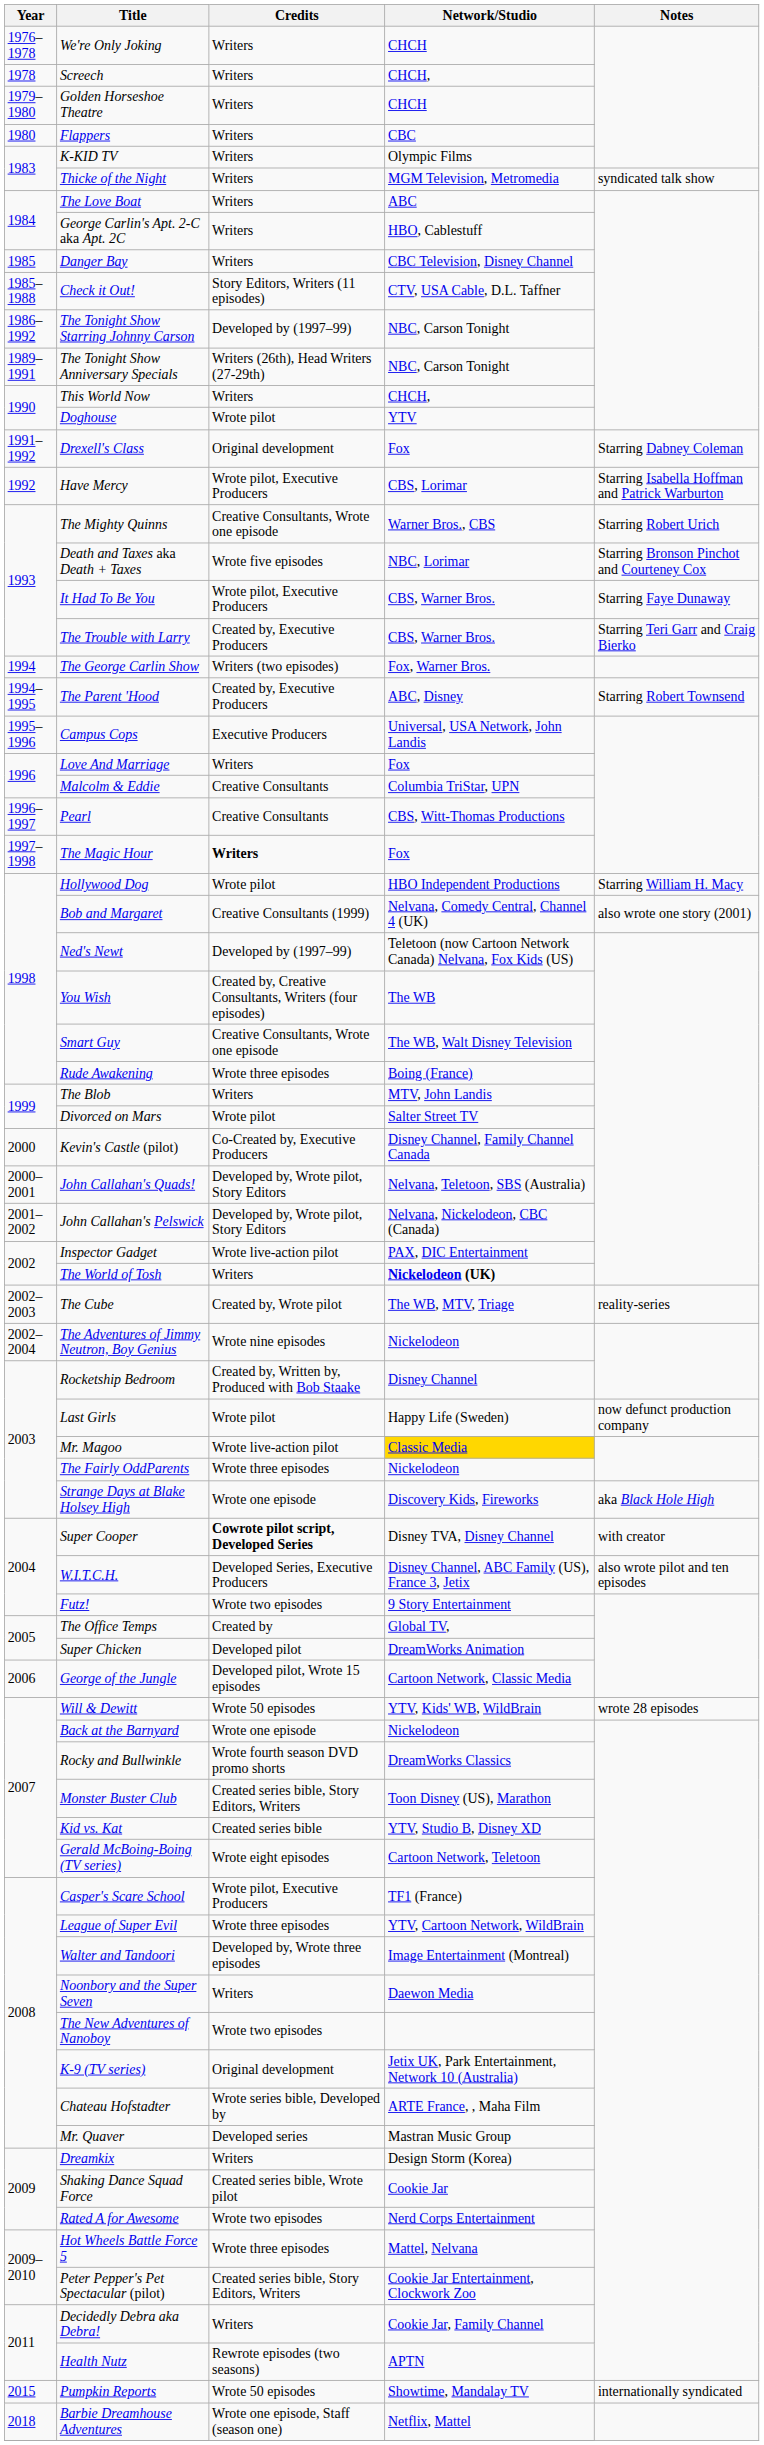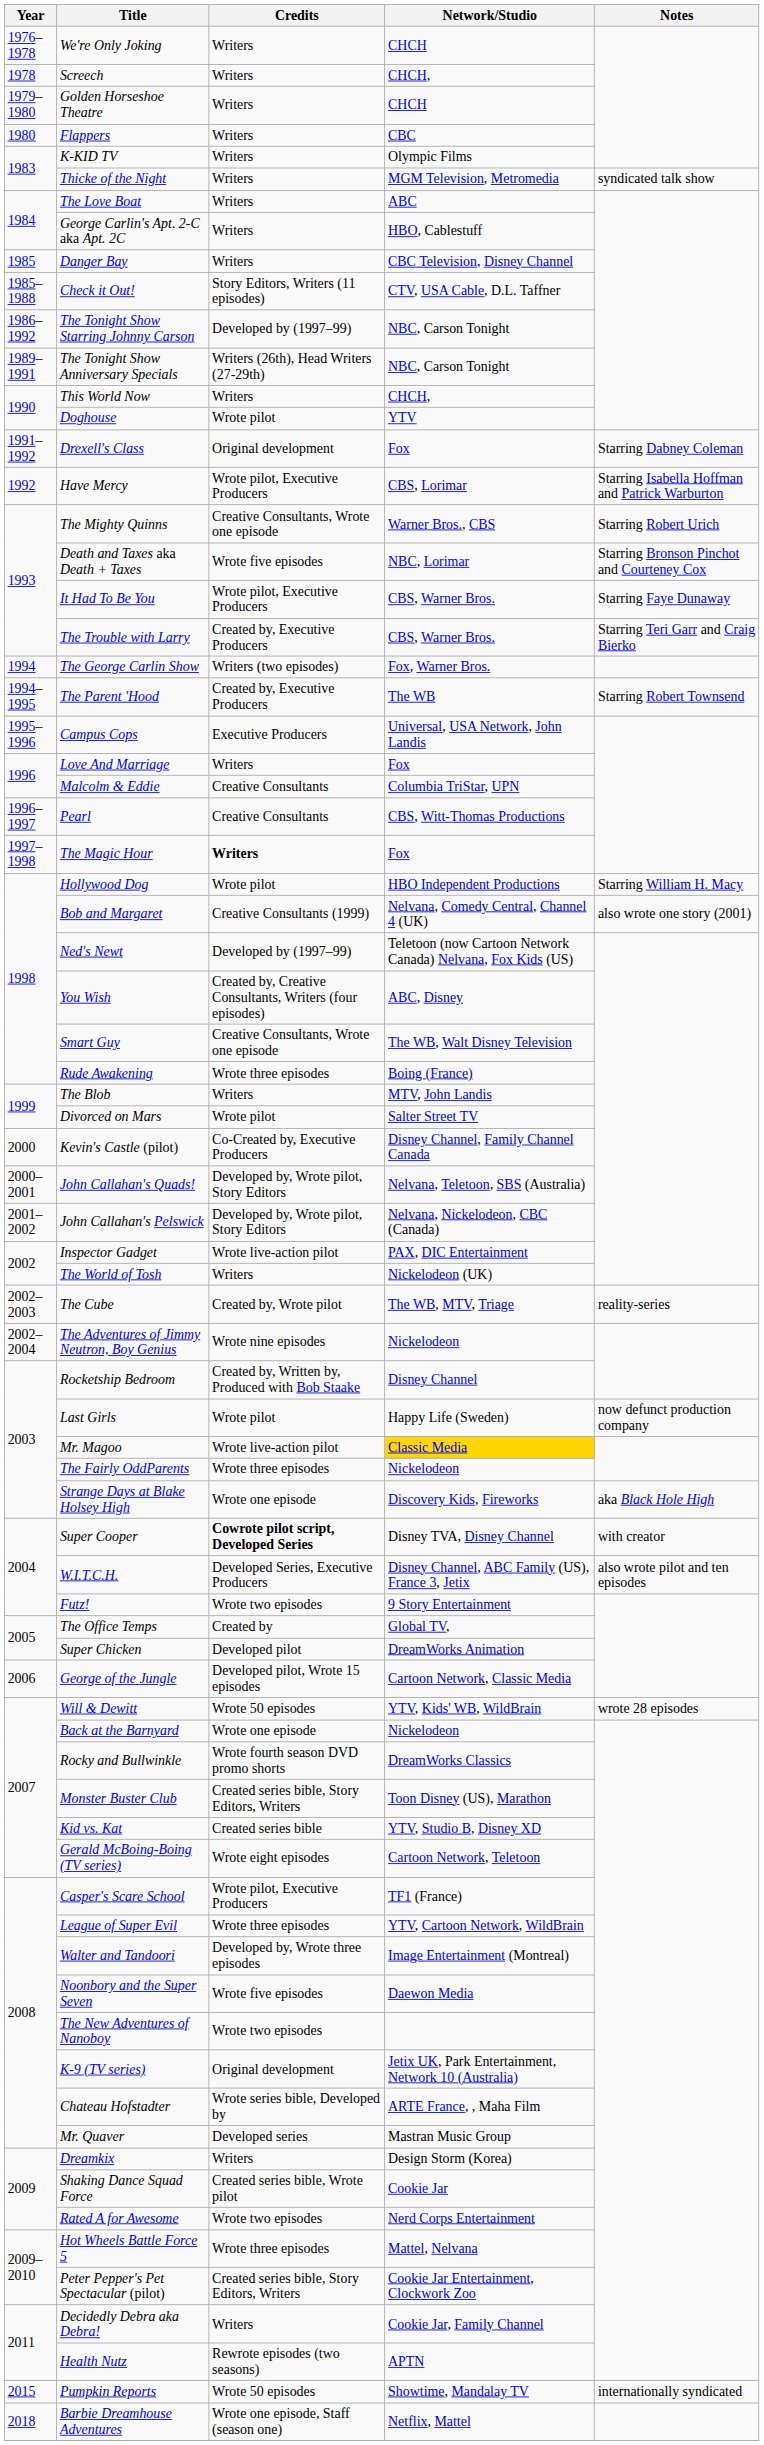 <table class="wikitable sortable">
 <tr>
 <th rowspan="1">Year</th>
 <th rowspan="1">Title</th>
 <th rowspan="1">Credits</th>
 <th rowspan="1">Network/Studio</th>
 <th rowspan="1">Notes</th>
 </tr>
 <tr>
 <td><a href='#'>1976</a>–<a href='#'>1978</a></td>
 <td><em>We're Only Joking</em></td>
 <td>Writers</td>
 <td><a href='#'>CHCH</a></td>
 </tr>
 <tr>
 <td><a href='#'>1978</a></td>
 <td><em>Screech</em></td>
 <td>Writers</td>
 <td><a href='#'>CHCH</a>, </td>
 </tr>
 <tr>
 <td><a href='#'>1979</a>–<a href='#'>1980</a></td>
 <td><em>Golden Horseshoe Theatre</em></td>
 <td>Writers</td>
 <td><a href='#'>CHCH</a></td>
 </tr>
 <tr>
 <td><a href='#'>1980</a></td>
 <td><em><a href='#'>Flappers</a></em></td>
 <td>Writers</td>
 <td><a href='#'>CBC</a></td>
 </tr>
 <tr>
 <td rowspan="2"><a href='#'>1983</a></td>
 <td><em>K-KID TV</em></td>
 <td>Writers</td>
 <td>Olympic Films</td>
 </tr>
 <tr>
 <td><em><a href='#'>Thicke of the Night</a></em></td>
 <td>Writers</td>
 <td><a href='#'>MGM Television</a>, <a href='#'>Metromedia</a></td>
 <td>syndicated talk show</td>
 </tr>
 <tr>
 <td rowspan="2"><a href='#'>1984</a></td>
 <td><em><a href='#'>The Love Boat</a></em></td>
 <td>Writers</td>
 <td><a href='#'>ABC</a></td>
 </tr>
 <tr>
 <td><em>George Carlin's Apt. 2-C</em> aka <em>Apt. 2C</em></td>
 <td>Writers</td>
 <td><a href='#'>HBO</a>, Cablestuff</td>
 </tr>
 <tr>
 <td><a href='#'>1985</a></td>
 <td><em><a href='#'>Danger Bay</a></em></td>
 <td>Writers</td>
 <td><a href='#'>CBC Television</a>, <a href='#'>Disney Channel</a></td>
 </tr>
 <tr>
 <td><a href='#'>1985</a>–<a href='#'>1988</a></td>
 <td><em><a href='#'>Check it Out!</a></em></td>
 <td>Story Editors, Writers (11 episodes)</td>
 <td><a href='#'>CTV</a>, <a href='#'>USA Cable</a>, D.L. Taffner</td>
 </tr>
 <tr>
 <td><a href='#'>1986</a>–<a href='#'>1992</a></td>
 <td><em><a href='#'>The Tonight Show Starring Johnny Carson</a></em></td>
 <td>Developed by (1997–99)</td>
 <td><a href='#'>NBC</a>, Carson Tonight</td>
 </tr>
 <tr>
 <td><a href='#'>1989</a>–<a href='#'>1991</a></td>
 <td><em>The Tonight Show Anniversary Specials</em></td>
 <td>Writers (26th), Head Writers (27-29th)</td>
 <td><a href='#'>NBC</a>, Carson Tonight</td>
 </tr>
 <tr>
 <td rowspan="2"><a href='#'>1990</a></td>
 <td><em>This World Now</em></td>
 <td>Writers</td>
 <td><a href='#'>CHCH</a>, </td>
 </tr>
 <tr>
 <td><em><a href='#'>Doghouse</a></em></td>
 <td>Wrote pilot</td>
 <td><a href='#'>YTV</a></td>
 </tr>
 <tr>
 <td><a href='#'>1991</a>–<a href='#'>1992</a></td>
 <td><em><a href='#'>Drexell's Class</a></em></td>
 <td>Original development</td>
 <td><a href='#'>Fox</a></td>
 <td>Starring <a href='#'>Dabney Coleman</a></td>
 </tr>
 <tr>
 <td><a href='#'>1992</a></td>
 <td><em>Have Mercy</em></td>
 <td>Wrote pilot, Executive Producers</td>
 <td><a href='#'>CBS</a>, <a href='#'>Lorimar</a></td>
 <td>Starring <a href='#'>Isabella Hoffman</a> and <a href='#'>Patrick Warburton</a></td>
 </tr>
 <tr>
 <td rowspan="4"><a href='#'>1993</a></td>
 <td><em>The Mighty Quinns</em></td>
 <td>Creative Consultants, Wrote one episode</td>
 <td><a href='#'>Warner Bros.</a>, <a href='#'>CBS</a></td>
 <td>Starring <a href='#'>Robert Urich</a></td>
 </tr>
 <tr>
 <td><em>Death and Taxes</em> aka <em>Death + Taxes</em></td>
 <td>Wrote five episodes</td>
 <td><a href='#'>NBC</a>, <a href='#'>Lorimar</a></td>
 <td>Starring <a href='#'>Bronson Pinchot</a> and <a href='#'>Courteney Cox</a></td>
 </tr>
 <tr>
 <td><em><a href='#'>It Had To Be You</a></em></td>
 <td>Wrote pilot, Executive Producers</td>
 <td><a href='#'>CBS</a>, <a href='#'>Warner Bros.</a></td>
 <td>Starring <a href='#'>Faye Dunaway</a></td>
 </tr>
 <tr>
 <td><em><a href='#'>The Trouble with Larry</a></em></td>
 <td>Created by, Executive Producers</td>
 <td><a href='#'>CBS</a>, <a href='#'>Warner Bros.</a></td>
 <td>Starring <a href='#'>Teri Garr</a> and <a href='#'>Craig Bierko</a></td>
 </tr>
 <tr>
 <td><a href='#'>1994</a></td>
 <td><em><a href='#'>The George Carlin Show</a></em></td>
 <td>Writers (two episodes)</td>
 <td><a href='#'>Fox</a>, <a href='#'>Warner Bros.</a></td>
 </tr>
 <tr>
 <td><a href='#'>1994</a>–<a href='#'>1995</a></td>
 <td><em><a href='#'>The Parent 'Hood</a></em></td>
 <td>Created by, Executive Producers</td>
-<td><a href='#'>ABC</a>, <a href='#'>Disney</a></td>
+<td><a href='#'>The WB</a></td>
 <td>Starring <a href='#'>Robert Townsend</a></td>
 </tr>
 <tr>
 <td><a href='#'>1995</a>–<a href='#'>1996</a></td>
 <td><em><a href='#'>Campus Cops</a></em></td>
 <td>Executive Producers</td>
 <td><a href='#'>Universal</a>, <a href='#'>USA Network</a>, <a href='#'>John Landis</a></td>
 </tr>
 <tr>
 <td rowspan="2"><a href='#'>1996</a></td>
 <td><em><a href='#'>Love And Marriage</a></em></td>
 <td>Writers</td>
 <td><a href='#'>Fox</a></td>
 </tr>
 <tr>
 <td><em><a href='#'>Malcolm & Eddie</a></em></td>
 <td>Creative Consultants</td>
 <td><a href='#'>Columbia TriStar</a>, <a href='#'>UPN</a></td>
 </tr>
 <tr>
 <td><a href='#'>1996</a>–<a href='#'>1997</a></td>
 <td><em><a href='#'>Pearl</a></em></td>
 <td>Creative Consultants</td>
 <td><a href='#'>CBS</a>, <a href='#'>Witt-Thomas Productions</a></td>
 </tr>
 <tr>
 <td><a href='#'>1997</a>–<a href='#'>1998</a></td>
 <td><em><a href='#'>The Magic Hour</a></em></td>
 <td><strong>Writers</strong></td>
 <td><a href='#'>Fox</a></td>
 </tr>
 <tr>
 <td rowspan="6"><a href='#'>1998</a></td>
 <td><em><a href='#'>Hollywood Dog</a></em></td>
 <td>Wrote pilot</td>
 <td><a href='#'>HBO Independent Productions</a></td>
 <td>Starring <a href='#'>William H. Macy</a></td>
 </tr>
 <tr>
 <td><em><a href='#'>Bob and Margaret</a></em></td>
 <td>Creative Consultants (1999)</td>
 <td><a href='#'>Nelvana</a>, <a href='#'>Comedy Central</a>, <a href='#'>Channel 4</a> (UK)</td>
 <td>also wrote one story (2001)</td>
 </tr>
 <tr>
 <td><em><a href='#'>Ned's Newt</a></em></td>
 <td>Developed by (1997–99)</td>
 <td>Teletoon (now Cartoon Network Canada) <a href='#'>Nelvana</a>, <a href='#'>Fox Kids</a> (US)</td>
 </tr>
 <tr>
 <td><em><a href='#'>You Wish</a></em></td>
 <td>Created by, Creative Consultants, Writers (four episodes)</td>
-<td><a href='#'>The WB</a></td>
+<td><a href='#'>ABC</a>, <a href='#'>Disney</a></td>
 </tr>
 <tr>
 <td><em><a href='#'>Smart Guy</a></em></td>
 <td>Creative Consultants, Wrote one episode</td>
 <td><a href='#'>The WB</a>, <a href='#'>Walt Disney Television</a></td>
 </tr>
 <tr>
 <td><em><a href='#'>Rude Awakening</a></em></td>
 <td>Wrote three episodes</td>
 <td><a href='#'>Boing (France)</a></td>
 </tr>
 <tr>
 <td rowspan="2"><a href='#'>1999</a></td>
 <td><em>The Blob</em></td>
 <td>Writers</td>
 <td><a href='#'>MTV</a>, <a href='#'>John Landis</a></td>
 </tr>
 <tr>
 <td><em>Divorced on Mars</em></td>
 <td>Wrote pilot</td>
 <td><a href='#'>Salter Street TV</a></td>
 </tr>
 <tr>
 <td>2000</td>
 <td><em>Kevin's Castle</em> (pilot)</td>
 <td>Co-Created by, Executive Producers</td>
 <td><a href='#'>Disney Channel</a>, <a href='#'>Family Channel Canada</a></td>
 </tr>
 <tr>
 <td>2000–2001</td>
 <td><em><a href='#'>John Callahan's Quads!</a></em></td>
 <td>Developed by, Wrote pilot, Story Editors</td>
 <td><a href='#'>Nelvana</a>, <a href='#'>Teletoon</a>, <a href='#'>SBS</a> (Australia)</td>
 </tr>
 <tr>
 <td>2001–2002</td>
 <td><em>John Callahan's <a href='#'>Pelswick</a></em></td>
 <td>Developed by, Wrote pilot, Story Editors</td>
 <td><a href='#'>Nelvana</a>, <a href='#'>Nickelodeon</a>, <a href='#'>CBC</a> (Canada)</td>
 </tr>
 <tr>
 <td rowspan="2">2002</td>
 <td><em>Inspector Gadget</em></td>
 <td>Wrote live-action pilot</td>
 <td><a href='#'>PAX</a>, <a href='#'>DIC Entertainment</a></td>
 </tr>
 <tr>
 <td><em><a href='#'>The World of Tosh</a></em></td>
 <td>Writers</td>
-<td><strong><a href='#'>Nickelodeon</a> (UK)</strong></td>
+<td><a href='#'>Nickelodeon</a> (UK)</td>
 </tr>
 <tr>
 <td>2002–2003</td>
 <td><em>The Cube</em></td>
 <td>Created by, Wrote pilot</td>
 <td><a href='#'>The WB</a>, <a href='#'>MTV</a>, <a href='#'>Triage</a></td>
 <td>reality-series</td>
 </tr>
 <tr>
 <td>2002–2004</td>
 <td><em><a href='#'>The Adventures of Jimmy Neutron, Boy Genius</a></em></td>
 <td>Wrote nine episodes</td>
 <td><a href='#'>Nickelodeon</a></td>
 </tr>
 <tr>
 <td rowspan="5">2003</td>
 <td><em>Rocketship Bedroom</em></td>
 <td>Created by, Written by, Produced with <a href='#'>Bob Staake</a></td>
 <td><a href='#'>Disney Channel</a></td>
 </tr>
 <tr>
 <td><em>Last Girls</em></td>
 <td>Wrote pilot</td>
 <td>Happy Life (Sweden)</td>
 <td>now defunct production company</td>
 </tr>
 <tr>
 <td><em>Mr. Magoo</em></td>
 <td>Wrote live-action pilot</td>
 <td style="background: gold;"><a href='#'>Classic Media</a></td>
 </tr>
 <tr>
 <td><em><a href='#'>The Fairly OddParents</a></em></td>
 <td>Wrote three episodes</td>
 <td><a href='#'>Nickelodeon</a></td>
 </tr>
 <tr>
 <td><em><a href='#'>Strange Days at Blake Holsey High</a></em></td>
 <td>Wrote one episode</td>
 <td><a href='#'>Discovery Kids</a>, <a href='#'>Fireworks</a></td>
 <td>aka <em><a href='#'>Black Hole High</a></em></td>
 </tr>
 <tr>
 <td rowspan="3">2004</td>
 <td><em>Super Cooper</em></td>
 <td><strong>Cowrote pilot script, Developed Series</strong></td>
 <td>Disney TVA, <a href='#'>Disney Channel</a></td>
 <td>with creator </td>
 </tr>
 <tr>
 <td><em><a href='#'>W.I.T.C.H.</a></em></td>
 <td>Developed Series, Executive Producers</td>
 <td><a href='#'>Disney Channel</a>, <a href='#'>ABC Family</a> (US), <a href='#'>France 3</a>, <a href='#'>Jetix</a></td>
 <td>also wrote pilot and ten episodes</td>
 </tr>
 <tr>
 <td><em><a href='#'>Futz!</a></em></td>
 <td>Wrote two episodes</td>
 <td><a href='#'>9 Story Entertainment</a></td>
 </tr>
 <tr>
 <td rowspan="2">2005</td>
 <td><em>The Office Temps</em></td>
 <td>Created by</td>
 <td><a href='#'>Global TV</a>, </td>
 </tr>
 <tr>
 <td><em>Super Chicken</em></td>
 <td>Developed pilot</td>
 <td><a href='#'>DreamWorks Animation</a></td>
 </tr>
 <tr>
 <td>2006</td>
 <td><em><a href='#'>George of the Jungle</a></em></td>
 <td>Developed pilot, Wrote 15 episodes</td>
 <td><a href='#'>Cartoon Network</a>, <a href='#'>Classic Media</a></td>
 </tr>
 <tr>
 <td rowspan="6">2007</td>
 <td><em><a href='#'>Will & Dewitt</a></em></td>
 <td>Wrote 50 episodes</td>
 <td><a href='#'>YTV</a>, <a href='#'>Kids' WB</a>, <a href='#'>WildBrain</a></td>
 <td>wrote 28 episodes</td>
 </tr>
 <tr>
 <td><em><a href='#'>Back at the Barnyard</a></em></td>
 <td>Wrote one episode</td>
 <td><a href='#'>Nickelodeon</a></td>
 </tr>
 <tr>
 <td><em>Rocky and Bullwinkle</em></td>
 <td>Wrote fourth season DVD promo shorts</td>
 <td><a href='#'>DreamWorks Classics</a></td>
 </tr>
 <tr>
 <td><em><a href='#'>Monster Buster Club</a></em></td>
 <td>Created series bible, Story Editors, Writers</td>
 <td><a href='#'>Toon Disney</a> (US), <a href='#'>Marathon</a></td>
 </tr>
 <tr>
 <td><em><a href='#'>Kid vs. Kat</a></em></td>
 <td>Created series bible</td>
 <td><a href='#'>YTV</a>, <a href='#'>Studio B</a>, <a href='#'>Disney XD</a></td>
 </tr>
 <tr>
 <td><em><a href='#'>Gerald McBoing-Boing (TV series)</a></em></td>
 <td>Wrote eight episodes</td>
 <td><a href='#'>Cartoon Network</a>, <a href='#'>Teletoon</a></td>
 </tr>
 <tr>
 <td rowspan="8">2008</td>
 <td><em><a href='#'>Casper's Scare School</a></em></td>
 <td>Wrote pilot, Executive Producers</td>
 <td><a href='#'>TF1</a> (France)</td>
 </tr>
 <tr>
 <td><em><a href='#'>League of Super Evil</a></em></td>
 <td>Wrote three episodes</td>
 <td><a href='#'>YTV</a>, <a href='#'>Cartoon Network</a>, <a href='#'>WildBrain</a></td>
 </tr>
 <tr>
 <td><em><a href='#'>Walter and Tandoori</a></em></td>
 <td>Developed by, Wrote three episodes</td>
 <td><a href='#'>Image Entertainment</a> (Montreal)</td>
 </tr>
 <tr>
 <td><em><a href='#'>Noonbory and the Super Seven</a></em></td>
-<td>Writers</td>
+<td>Wrote five episodes</td>
 <td><a href='#'>Daewon Media</a></td>
 </tr>
 <tr>
 <td><em><a href='#'>The New Adventures of Nanoboy</a></em></td>
 <td>Wrote two episodes</td>
 <td></td>
 </tr>
 <tr>
 <td><em><a href='#'>K-9 (TV series)</a></em></td>
 <td>Original development</td>
 <td><a href='#'>Jetix UK</a>, Park Entertainment, <a href='#'>Network 10 (Australia)</a></td>
 </tr>
 <tr>
 <td><em>Chateau Hofstadter</em></td>
 <td>Wrote series bible, Developed by</td>
 <td><a href='#'>ARTE France</a>, , Maha Film</td>
 </tr>
 <tr>
 <td><em>Mr. Quaver</em></td>
 <td>Developed series</td>
 <td>Mastran Music Group</td>
 </tr>
 <tr>
 <td rowspan="3">2009</td>
 <td><em><a href='#'>Dreamkix</a></em></td>
 <td>Writers</td>
 <td>Design Storm (Korea)</td>
 </tr>
 <tr>
 <td><em>Shaking Dance Squad Force</em></td>
 <td>Created series bible, Wrote pilot</td>
 <td><a href='#'>Cookie Jar</a></td>
 </tr>
 <tr>
 <td><em><a href='#'>Rated A for Awesome</a></em></td>
 <td>Wrote two episodes</td>
 <td><a href='#'>Nerd Corps Entertainment</a></td>
 </tr>
 <tr>
 <td rowspan="2">2009–2010</td>
 <td><em><a href='#'>Hot Wheels Battle Force 5</a></em></td>
 <td>Wrote three episodes</td>
 <td><a href='#'>Mattel</a>, <a href='#'>Nelvana</a></td>
 </tr>
 <tr>
 <td><em>Peter Pepper's Pet Spectacular</em> (pilot)</td>
 <td>Created series bible, Story Editors, Writers</td>
 <td><a href='#'>Cookie Jar Entertainment</a>, <a href='#'>Clockwork Zoo</a></td>
 </tr>
 <tr>
 <td rowspan="2">2011</td>
 <td><em>Decidedly Debra aka <a href='#'>Debra!</a></em></td>
 <td>Writers</td>
 <td><a href='#'>Cookie Jar</a>, <a href='#'>Family Channel</a></td>
 </tr>
 <tr>
 <td><em><a href='#'>Health Nutz</a></em></td>
 <td>Rewrote episodes (two seasons)</td>
 <td><a href='#'>APTN</a></td>
 </tr>
 <tr>
 <td><a href='#'>2015</a></td>
 <td><em><a href='#'>Pumpkin Reports</a></em></td>
 <td>Wrote 50 episodes</td>
 <td><a href='#'>Showtime</a>, <a href='#'>Mandalay TV</a></td>
 <td>internationally syndicated</td>
 </tr>
 <tr>
 <td><a href='#'>2018</a></td>
 <td><em><a href='#'>Barbie Dreamhouse Adventures</a></em></td>
 <td>Wrote one episode, Staff (season one)</td>
 <td><a href='#'>Netflix</a>, <a href='#'>Mattel</a></td>
 </tr>
 <tr>
 </tr>
 </table>
